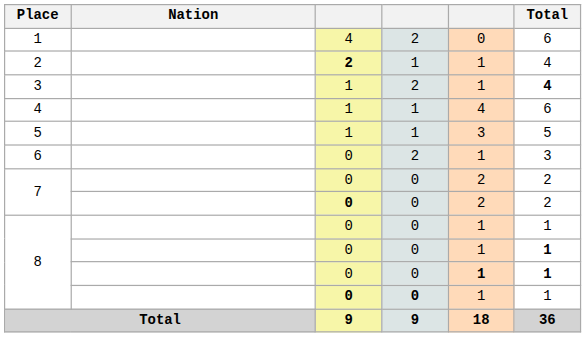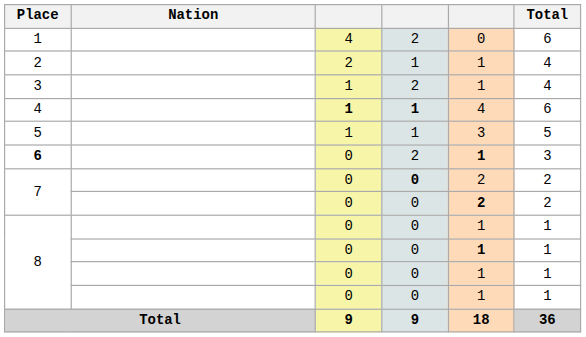 <table class=wikitable style="border:1px solid #AAAAAA;font-size:90%">
 <tr bgcolor="#EFEFEF">
 <th width=50>Place</th>
 <th width=200>Nation</th>
 <th width=50></th>
 <th width=50></th>
 <th width=50></th>
 <th width=50>Total</th>
 </tr>
 <tr align="center" valign="top" bgcolor="#FFFFFF">
 <td>1</td>
 <td align="left"></td>
 <td style="background:#F7F6A8;">4</td>
 <td style="background:#DCE5E5;">2</td>
 <td style="background:#FFDAB9;">0</td>
 <td>6</td>
 </tr>
 <tr align="center" valign="top" bgcolor="#FFFFFF">
 <td>2</td>
 <td align="left"></td>
-<td style="background:#F7F6A8;"><strong>2</strong></td>
+<td style="background:#F7F6A8;">2</td>
 <td style="background:#DCE5E5;">1</td>
 <td style="background:#FFDAB9;">1</td>
 <td>4</td>
 </tr>
 <tr align="center" valign="top" bgcolor="#FFFFFF">
 <td>3</td>
 <td align="left"></td>
 <td style="background:#F7F6A8;">1</td>
 <td style="background:#DCE5E5;">2</td>
 <td style="background:#FFDAB9;">1</td>
-<td><strong>4</strong></td>
+<td>4</td>
 </tr>
 <tr align="center" valign="top" bgcolor="#FFFFFF">
 <td>4</td>
 <td align="left"></td>
-<td style="background:#F7F6A8;">1</td>
-<td style="background:#DCE5E5;">1</td>
+<td style="background:#F7F6A8;"><strong>1</strong></td>
+<td style="background:#DCE5E5;"><strong>1</strong></td>
 <td style="background:#FFDAB9;">4</td>
 <td>6</td>
 </tr>
 <tr align="center" valign="top" bgcolor="#FFFFFF">
 <td>5</td>
 <td align="left"></td>
 <td style="background:#F7F6A8;">1</td>
 <td style="background:#DCE5E5;">1</td>
 <td style="background:#FFDAB9;">3</td>
 <td>5</td>
 </tr>
 <tr align="center" valign="top" bgcolor="#FFFFFF">
-<td>6</td>
+<td><strong>6</strong></td>
 <td align="left"></td>
 <td style="background:#F7F6A8;">0</td>
 <td style="background:#DCE5E5;">2</td>
-<td style="background:#FFDAB9;">1</td>
+<td style="background:#FFDAB9;"><strong>1</strong></td>
 <td>3</td>
 </tr>
 <tr align="center" bgcolor="#FFFFFF">
 <td rowspan="2" valign="center">7</td>
 <td align="left"></td>
 <td style="background:#F7F6A8;">0</td>
-<td style="background:#DCE5E5;">0</td>
+<td style="background:#DCE5E5;"><strong>0</strong></td>
 <td style="background:#FFDAB9;">2</td>
 <td>2</td>
 </tr>
 <tr align="center" valign="top" bgcolor="#FFFFFF">
 <td align="left"></td>
-<td style="background:#F7F6A8;"><strong>0</strong></td>
+<td style="background:#F7F6A8;">0</td>
 <td style="background:#DCE5E5;">0</td>
-<td style="background:#FFDAB9;">2</td>
+<td style="background:#FFDAB9;"><strong>2</strong></td>
 <td>2</td>
 </tr>
 <tr align="center" bgcolor="#FFFFFF">
 <td rowspan="4" valign="center">8</td>
 <td align="left"></td>
 <td style="background:#F7F6A8;">0</td>
 <td style="background:#DCE5E5;">0</td>
 <td style="background:#FFDAB9;">1</td>
 <td>1</td>
 </tr>
 <tr align="center" valign="top" bgcolor="#FFFFFF">
 <td align="left"></td>
 <td style="background:#F7F6A8;">0</td>
 <td style="background:#DCE5E5;">0</td>
-<td style="background:#FFDAB9;">1</td>
-<td><strong>1</strong></td>
+<td style="background:#FFDAB9;"><strong>1</strong></td>
+<td>1</td>
 </tr>
 <tr align="center" valign="top" bgcolor="#FFFFFF">
 <td align="left"></td>
 <td style="background:#F7F6A8;">0</td>
 <td style="background:#DCE5E5;">0</td>
-<td style="background:#FFDAB9;"><strong>1</strong></td>
-<td><strong>1</strong></td>
+<td style="background:#FFDAB9;">1</td>
+<td>1</td>
 </tr>
 <tr align="center" valign="top" bgcolor="#FFFFFF">
 <td align="left"></td>
-<td style="background:#F7F6A8;"><strong>0</strong></td>
-<td style="background:#DCE5E5;"><strong>0</strong></td>
+<td style="background:#F7F6A8;">0</td>
+<td style="background:#DCE5E5;">0</td>
 <td style="background:#FFDAB9;">1</td>
 <td>1</td>
 </tr>
 <tr align="center">
 <td colspan="2" bgcolor=D3D3D3><strong>Total</strong></td>
 <td style="background:#F7F6A8;"><strong>9</strong></td>
 <td style="background:#DCE5E5;"><strong>9</strong></td>
 <td style="background:#FFDAB9;"><strong>18</strong></td>
 <td bgcolor=D3D3D3><strong>36</strong></td>
 </tr>
 </table>
